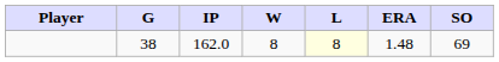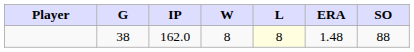 <table class="wikitable sortable">
 <tr>
 <th style="background:#ddf; width:16%;">Player</th>
 <th style="background:#ddf; width:9%;">G</th>
 <th style="background:#ddf; width:9%;">IP</th>
 <th style="background:#ddf; width:9%;">W</th>
 <th style="background:#ddf; width:9%;">L</th>
 <th style="background:#ddf; width:9%;">ERA</th>
 <th style="background:#ddf; width:9%;">SO</th>
 </tr>
 <tr style="text-align:center;">
 <td></td>
 <td>38</td>
 <td>162.0</td>
 <td>8</td>
 <td style="background: lightyellow;">8</td>
 <td>1.48</td>
-<td>69</td>
+<td>88</td>
 </tr>
 </table>
